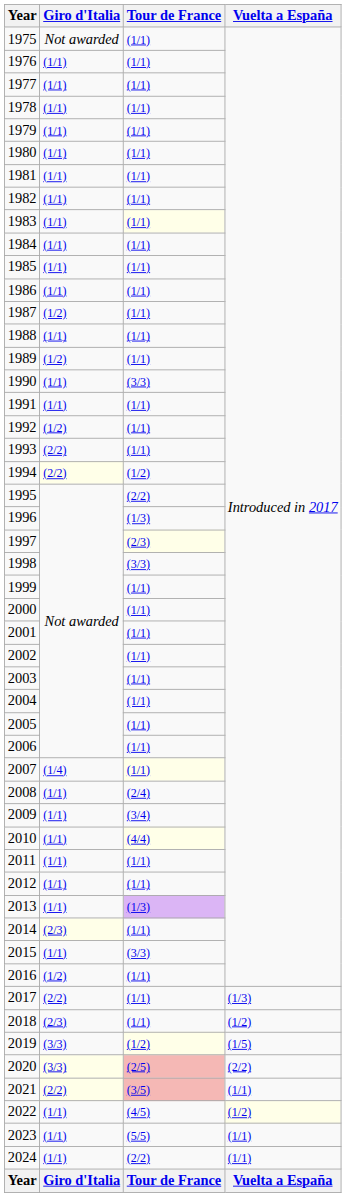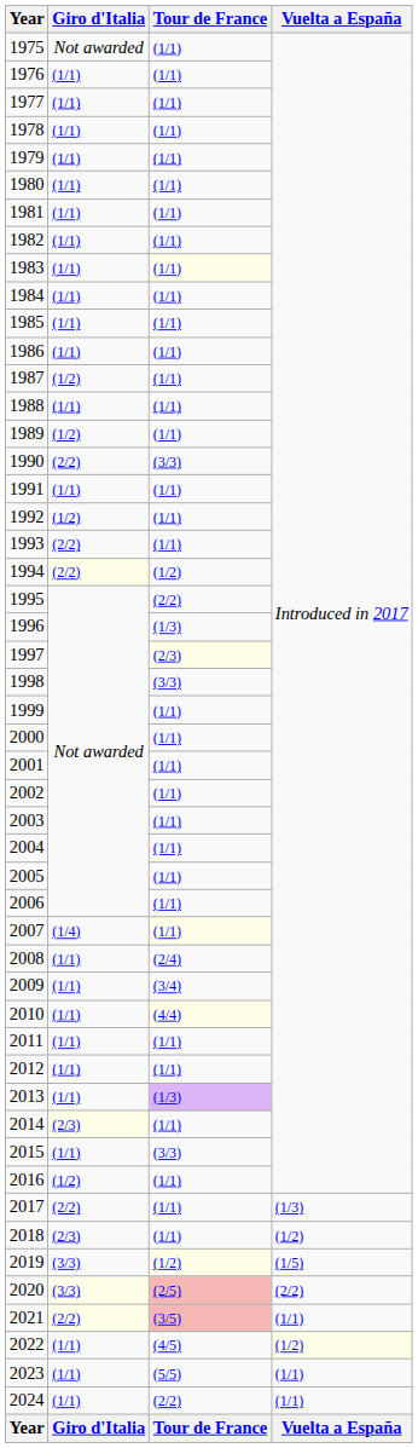 <table class="wikitable">
 <tr>
 <th>Year</th>
 <th> <a href='#'>Giro d'Italia</a></th>
 <th> <a href='#'>Tour de France</a></th>
 <th> <a href='#'>Vuelta a España</a></th>
 </tr>
 <tr>
 <td>1975</td>
 <td align=center><em>Not awarded</em></td>
 <td> <small><a href='#'>(1/1)</a></small></td>
 <td rowspan=42 align=center><em>Introduced in <a href='#'>2017</a></em></td>
 </tr>
 <tr>
 <td>1976</td>
 <td> <small><a href='#'>(1/1)</a></small></td>
 <td> <small><a href='#'>(1/1)</a></small></td>
 </tr>
 <tr>
 <td>1977</td>
 <td> <small><a href='#'>(1/1)</a></small></td>
 <td> <small><a href='#'>(1/1)</a></small></td>
 </tr>
 <tr>
 <td>1978</td>
 <td> <small><a href='#'>(1/1)</a></small></td>
 <td> <small><a href='#'>(1/1)</a></small></td>
 </tr>
 <tr>
 <td>1979</td>
 <td> <small><a href='#'>(1/1)</a></small></td>
 <td> <small><a href='#'>(1/1)</a></small></td>
 </tr>
 <tr>
 <td>1980</td>
 <td> <small><a href='#'>(1/1)</a></small></td>
 <td> <small><a href='#'>(1/1)</a></small></td>
 </tr>
 <tr>
 <td>1981</td>
 <td> <small><a href='#'>(1/1)</a></small></td>
 <td> <small><a href='#'>(1/1)</a></small></td>
 </tr>
 <tr>
 <td>1982</td>
 <td> <small><a href='#'>(1/1)</a></small></td>
 <td> <small><a href='#'>(1/1)</a></small></td>
 </tr>
 <tr>
 <td>1983</td>
 <td> <small><a href='#'>(1/1)</a></small></td>
 <td style="background: #ffffe8"> <small><a href='#'>(1/1)</a></small></td>
 </tr>
 <tr>
 <td>1984</td>
 <td> <small><a href='#'>(1/1)</a></small></td>
 <td> <small><a href='#'>(1/1)</a></small></td>
 </tr>
 <tr>
 <td>1985</td>
 <td> <small><a href='#'>(1/1)</a></small></td>
 <td> <small><a href='#'>(1/1)</a></small></td>
 </tr>
 <tr>
 <td>1986</td>
 <td> <small><a href='#'>(1/1)</a></small></td>
 <td> <small><a href='#'>(1/1)</a></small></td>
 </tr>
 <tr>
 <td>1987</td>
 <td> <small><a href='#'>(1/2)</a></small></td>
 <td> <small><a href='#'>(1/1)</a></small></td>
 </tr>
 <tr>
 <td>1988</td>
 <td> <small><a href='#'>(1/1)</a></small></td>
 <td> <small><a href='#'>(1/1)</a></small></td>
 </tr>
 <tr>
 <td>1989</td>
 <td> <small><a href='#'>(1/2)</a></small></td>
 <td> <small><a href='#'>(1/1)</a></small></td>
 </tr>
 <tr>
 <td>1990</td>
-<td> <small><a href='#'>(1/1)</a></small></td>
+<td> <small><a href='#'>(2/2)</a></small></td>
 <td> <small><a href='#'>(3/3)</a></small></td>
 </tr>
 <tr>
 <td>1991</td>
 <td> <small><a href='#'>(1/1)</a></small></td>
 <td> <small><a href='#'>(1/1)</a></small></td>
 </tr>
 <tr>
 <td>1992</td>
 <td> <small><a href='#'>(1/2)</a></small></td>
 <td> <small><a href='#'>(1/1)</a></small></td>
 </tr>
 <tr>
 <td>1993</td>
 <td> <small><a href='#'>(2/2)</a></small></td>
 <td> <small><a href='#'>(1/1)</a></small></td>
 </tr>
 <tr>
 <td>1994</td>
 <td style="background: #ffffe8"> <small><a href='#'>(2/2)</a></small></td>
 <td> <small><a href='#'>(1/2)</a></small></td>
 </tr>
 <tr>
 <td>1995</td>
 <td rowspan=12 align=center><em>Not awarded</em></td>
 <td> <small><a href='#'>(2/2)</a></small></td>
 </tr>
 <tr>
 <td>1996</td>
 <td> <small><a href='#'>(1/3)</a></small></td>
 </tr>
 <tr>
 <td>1997</td>
 <td style="background: #ffffe8"> <small><a href='#'>(2/3)</a></small></td>
 </tr>
 <tr>
 <td>1998</td>
 <td> <small><a href='#'>(3/3)</a></small></td>
 </tr>
 <tr>
 <td>1999</td>
 <td> <small><a href='#'>(1/1)</a></small></td>
 </tr>
 <tr>
 <td>2000</td>
 <td> <small><a href='#'>(1/1)</a></small></td>
 </tr>
 <tr>
 <td>2001</td>
 <td> <small><a href='#'>(1/1)</a></small></td>
 </tr>
 <tr>
 <td>2002</td>
 <td> <small><a href='#'>(1/1)</a></small></td>
 </tr>
 <tr>
 <td>2003</td>
 <td> <small><a href='#'>(1/1)</a></small></td>
 </tr>
 <tr>
 <td>2004</td>
 <td> <small><a href='#'>(1/1)</a></small></td>
 </tr>
 <tr>
 <td>2005</td>
 <td> <small><a href='#'>(1/1)</a></small></td>
 </tr>
 <tr>
 <td>2006</td>
 <td> <small><a href='#'>(1/1)</a></small></td>
 </tr>
 <tr>
 <td>2007</td>
 <td> <small><a href='#'>(1/4)</a></small></td>
 <td style="background: #ffffe8"> <small><a href='#'>(1/1)</a></small></td>
 </tr>
 <tr>
 <td>2008</td>
 <td> <small><a href='#'>(1/1)</a></small></td>
 <td> <small><a href='#'>(2/4)</a></small></td>
 </tr>
 <tr>
 <td>2009</td>
 <td> <small><a href='#'>(1/1)</a></small></td>
 <td> <small><a href='#'>(3/4)</a></small></td>
 </tr>
 <tr>
 <td>2010</td>
 <td> <small><a href='#'>(1/1)</a></small></td>
 <td style="background: #ffffe8"> <small><a href='#'>(4/4)</a></small></td>
 </tr>
 <tr>
 <td>2011</td>
 <td> <small><a href='#'>(1/1)</a></small></td>
 <td> <small><a href='#'>(1/1)</a></small></td>
 </tr>
 <tr>
 <td>2012</td>
 <td> <small><a href='#'>(1/1)</a></small></td>
 <td> <small><a href='#'>(1/1)</a></small></td>
 </tr>
 <tr>
 <td>2013</td>
 <td> <small><a href='#'>(1/1)</a></small></td>
 <td style="background: #dbb5f5"> <small><a href='#'>(1/3)</a></small></td>
 </tr>
 <tr>
 <td>2014</td>
 <td style="background: #ffffe8"> <small><a href='#'>(2/3)</a></small></td>
 <td> <small><a href='#'>(1/1)</a></small></td>
 </tr>
 <tr>
 <td>2015</td>
 <td> <small><a href='#'>(1/1)</a></small></td>
 <td> <small><a href='#'>(3/3)</a></small></td>
 </tr>
 <tr>
 <td>2016</td>
 <td> <small><a href='#'>(1/2)</a></small></td>
 <td> <small><a href='#'>(1/1)</a></small></td>
 </tr>
 <tr>
 <td>2017</td>
 <td> <small><a href='#'>(2/2)</a></small></td>
 <td> <small><a href='#'>(1/1)</a></small></td>
 <td> <small><a href='#'>(1/3)</a></small></td>
 </tr>
 <tr>
 <td>2018</td>
 <td> <small><a href='#'>(2/3)</a></small></td>
 <td> <small><a href='#'>(1/1)</a></small></td>
 <td> <small><a href='#'>(1/2)</a></small></td>
 </tr>
 <tr>
 <td>2019</td>
 <td> <small><a href='#'>(3/3)</a></small></td>
 <td style="background: #ffffe8"> <small><a href='#'>(1/2)</a></small></td>
 <td> <small><a href='#'>(1/5)</a></small></td>
 </tr>
 <tr>
 <td>2020</td>
 <td style="background: #ffffe8"> <small><a href='#'>(3/3)</a></small></td>
 <td style="background: #f5b8b5"> <small><a href='#'>(2/5)</a></small></td>
 <td> <small><a href='#'>(2/2)</a></small></td>
 </tr>
 <tr>
 <td>2021</td>
 <td style="background: #ffffe8"> <small><a href='#'>(2/2)</a></small></td>
 <td style="background: #f5b8b5"> <small><a href='#'>(3/5)</a></small></td>
 <td> <small><a href='#'>(1/1)</a></small></td>
 </tr>
 <tr>
 <td>2022</td>
 <td> <small><a href='#'>(1/1)</a></small></td>
 <td> <small><a href='#'>(4/5)</a></small></td>
 <td style="background: #ffffe8"> <small><a href='#'>(1/2)</a></small></td>
 </tr>
 <tr>
 <td>2023</td>
 <td> <small><a href='#'>(1/1)</a></small></td>
 <td> <small><a href='#'>(5/5)</a></small></td>
 <td> <small><a href='#'>(1/1)</a></small></td>
 </tr>
 <tr>
 <td>2024</td>
 <td> <small><a href='#'>(1/1)</a></small></td>
 <td> <small><a href='#'>(2/2)</a></small></td>
 <td> <small><a href='#'>(1/1)</a></small></td>
 </tr>
 <tr>
 <th>Year</th>
 <th> <a href='#'>Giro d'Italia</a></th>
 <th> <a href='#'>Tour de France</a></th>
 <th> <a href='#'>Vuelta a España</a></th>
 </tr>
 </table>
